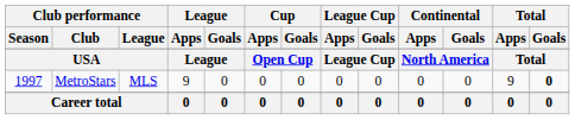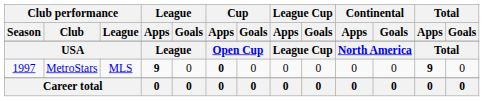 <table class="wikitable" style="text-align:center">
 <tr>
 <th colspan=3>Club performance</th>
 <th colspan=2>League</th>
 <th colspan=2>Cup</th>
 <th colspan=2>League Cup</th>
 <th colspan=2>Continental</th>
 <th colspan=2>Total</th>
 </tr>
 <tr>
 <th>Season</th>
 <th>Club</th>
 <th>League</th>
 <th>Apps</th>
 <th>Goals</th>
 <th>Apps</th>
 <th>Goals</th>
 <th>Apps</th>
 <th>Goals</th>
 <th>Apps</th>
 <th>Goals</th>
 <th>Apps</th>
 <th>Goals</th>
 </tr>
 <tr>
 </tr>
 <tr>
 <th colspan=3>USA</th>
 <th colspan=2>League</th>
 <th colspan=2><a href='#'>Open Cup</a></th>
 <th colspan=2>League Cup</th>
 <th colspan=2><a href='#'>North America</a></th>
 <th colspan=2>Total</th>
 </tr>
 <tr>
 <td><a href='#'>1997</a></td>
 <td><a href='#'>MetroStars</a></td>
 <td><a href='#'>MLS</a></td>
-<td>9</td>
+<td><strong>9</strong></td>
+<td>0</td>
+<td><strong>0</strong></td>
 <td>0</td>
 <td>0</td>
 <td>0</td>
 <td>0</td>
 <td>0</td>
+<td><strong>9</strong></td>
 <td>0</td>
-<td>0</td>
-<td>9</td>
-<td><strong>0</strong></td>
 </tr>
 <tr>
 </tr>
 <tr>
 <th colspan=3>Career total</th>
 <th>0</th>
 <th>0</th>
 <th>0</th>
 <th>0</th>
 <th>0</th>
 <th>0</th>
 <th>0</th>
 <th>0</th>
 <th>0</th>
 <th>0</th>
 </tr>
 </table>
